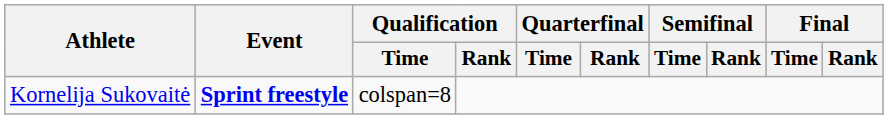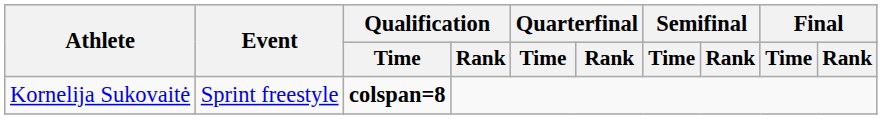 <table class="wikitable" style="font-size:90%">
 <tr>
 <th rowspan="2">Athlete</th>
 <th rowspan="2">Event</th>
 <th colspan="2">Qualification</th>
 <th colspan="2">Quarterfinal</th>
 <th colspan="2">Semifinal</th>
 <th colspan="2">Final</th>
 </tr>
 <tr style="font-size:95%">
 <th>Time</th>
 <th>Rank</th>
 <th>Time</th>
 <th>Rank</th>
 <th>Time</th>
 <th>Rank</th>
 <th>Time</th>
 <th>Rank</th>
 </tr>
 <tr align=center>
 <td align=left><a href='#'>Kornelija Sukovaitė</a></td>
-<td align=left><strong><a href='#'>Sprint freestyle</a></strong></td>
-<td>colspan=8 </td>
+<td align=left><a href='#'>Sprint freestyle</a></td>
+<td><strong>colspan=8 </strong></td>
 </tr>
 </table>
